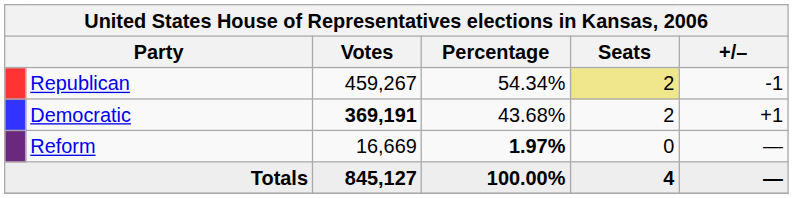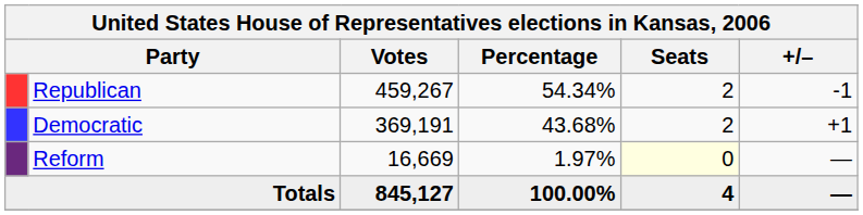 <table class="wikitable" style="font-size: 95%;">
 <tr>
 <th colspan="6">United States House of Representatives elections in Kansas, 2006</th>
 </tr>
 <tr>
 <th colspan=2 style="width: 15em">Party</th>
 <th style="width: 5em">Votes</th>
 <th style="width: 7em">Percentage</th>
 <th style="width: 5em">Seats</th>
 <th style="width: 5em">+/–</th>
 </tr>
 <tr>
 <th style="background-color:#FF3333; width: 3px"></th>
 <td style="width: 130px"><a href='#'>Republican</a></td>
 <td align="right">459,267</td>
 <td align="right">54.34%</td>
-<td align="right" style="background: khaki;">2</td>
+<td align="right">2</td>
 <td align="right">-1</td>
 </tr>
 <tr>
 <th style="background-color:#3333FF; width: 3px"></th>
 <td style="width: 130px"><a href='#'>Democratic</a></td>
-<td align="right"><strong>369,191</strong></td>
+<td align="right">369,191</td>
 <td align="right">43.68%</td>
 <td align="right">2</td>
 <td align="right">+1</td>
 </tr>
 <tr>
 <th style="background-color:#6A287E; width: 3px"></th>
 <td style="width: 130px"><a href='#'>Reform</a></td>
 <td align="right">16,669</td>
-<td align="right"><strong>1.97%</strong></td>
-<td align="right">0</td>
+<td align="right">1.97%</td>
+<td align="right" style="background: lightyellow;">0</td>
 <td align="right">—</td>
 </tr>
 <tr bgcolor="#EEEEEE">
 <td colspan="2" align="right"><strong>Totals</strong></td>
 <td align="right"><strong>845,127</strong></td>
 <td align="right"><strong>100.00%</strong></td>
 <td align="right"><strong>4</strong></td>
 <td align="right"><strong>—</strong></td>
 </tr>
 <tr bgcolor="#EEEEEE">
 </tr>
 </table>
